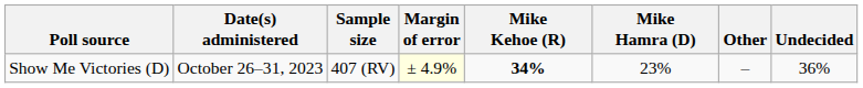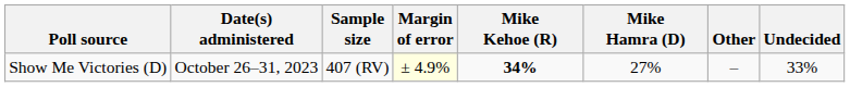 <table class="wikitable" style="font-size:90%;text-align:center;">
 <tr valign=bottom>
 <th>Poll source</th>
 <th>Date(s)<br>administered</th>
 <th>Sample<br>size</th>
 <th>Margin<br>of error</th>
 <th style="width:100px;">Mike<br>Kehoe (R)</th>
 <th style="width:100px;">Mike<br>Hamra (D)</th>
 <th>Other</th>
 <th>Undecided</th>
 </tr>
 <tr>
 <td rowspan=2 style="text-align:left">Show Me Victories (D)</td>
 <td>October 26–31, 2023</td>
 <td>407 (RV)</td>
 <td style="background: lightyellow;">± 4.9%</td>
 <td><strong>34%</strong></td>
-<td>23%</td>
+<td>27%</td>
 <td>–</td>
-<td>36%</td>
+<td>33%</td>
 </tr>
 </table>
